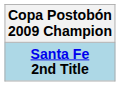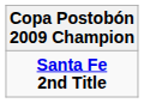 <table class="wikitable" style="text-align: center; margin: 0 auto;">
 <tr>
 <th>Copa Postobón<br>2009 Champion</th>
 </tr>
 <tr>
-<td style="background: lightblue;"><strong><a href='#'>Santa Fe</a></strong><br><strong>2nd Title</strong></td>
+<td><strong><a href='#'>Santa Fe</a></strong><br><strong>2nd Title</strong></td>
 </tr>
 </table>
